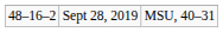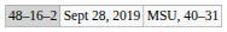 <table class="wikitable">
 <tr align="center">
 </tr>
 <tr align="center">
-<td>48–16–2</td>
+<td style="background: lightgrey;">48–16–2</td>
 <td>Sept 28, 2019</td>
 <td>MSU, 40–31</td>
 </tr>
 </table>
